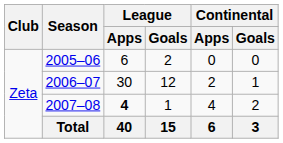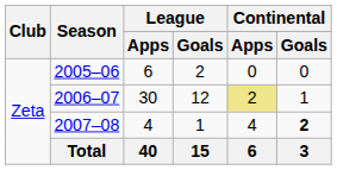 <table class="wikitable" style="text-align:center">
 <tr>
 <th rowspan="2">Club</th>
 <th rowspan="2">Season</th>
 <th colspan="2">League</th>
 <th colspan="2">Continental</th>
 </tr>
 <tr>
 <th>Apps</th>
 <th>Goals</th>
 <th>Apps</th>
 <th>Goals</th>
 </tr>
 <tr>
 <td rowspan="4"><a href='#'>Zeta</a></td>
 <td><a href='#'>2005–06</a></td>
 <td>6</td>
 <td>2</td>
 <td>0</td>
 <td>0</td>
 </tr>
 <tr>
 <td><a href='#'>2006–07</a></td>
 <td>30</td>
 <td>12</td>
-<td>2</td>
+<td style="background: khaki;">2</td>
 <td>1</td>
 </tr>
 <tr>
 <td><a href='#'>2007–08</a></td>
-<td><strong>4</strong></td>
+<td>4</td>
 <td>1</td>
 <td>4</td>
-<td>2</td>
+<td><strong>2</strong></td>
 </tr>
 <tr>
 <th>Total</th>
 <th>40</th>
 <th>15</th>
 <th>6</th>
 <th>3</th>
 </tr>
 </table>
